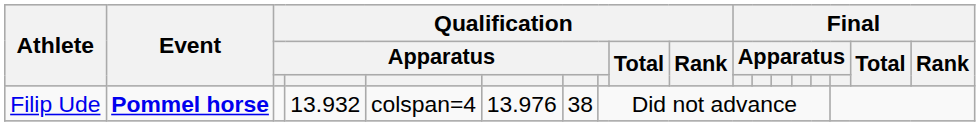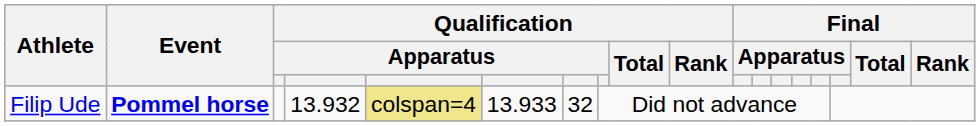 <table class="wikitable" style="font-size:90%">
 <tr>
 <th rowspan=3>Athlete</th>
 <th rowspan=3>Event</th>
 <th colspan =8>Qualification</th>
 <th colspan =8>Final</th>
 </tr>
 <tr style="font-size:95%">
 <th colspan=6>Apparatus</th>
 <th rowspan=2>Total</th>
 <th rowspan=2>Rank</th>
 <th colspan=6>Apparatus</th>
 <th rowspan=2>Total</th>
 <th rowspan=2>Rank</th>
 </tr>
 <tr style="font-size:95%">
 <th></th>
 <th></th>
 <th></th>
 <th></th>
 <th></th>
 <th></th>
 <th></th>
 <th></th>
 <th></th>
 <th></th>
 <th></th>
 <th></th>
 </tr>
 <tr align=center>
 <td align=left><a href='#'>Filip Ude</a></td>
 <td align=left><strong><a href='#'>Pommel horse</a></strong></td>
 <td></td>
 <td>13.932</td>
-<td>colspan=4 </td>
-<td>13.976</td>
-<td>38</td>
+<td style="background: khaki;">colspan=4 </td>
+<td>13.933</td>
+<td>32</td>
 <td colspan=8>Did not advance</td>
 </tr>
 </table>
